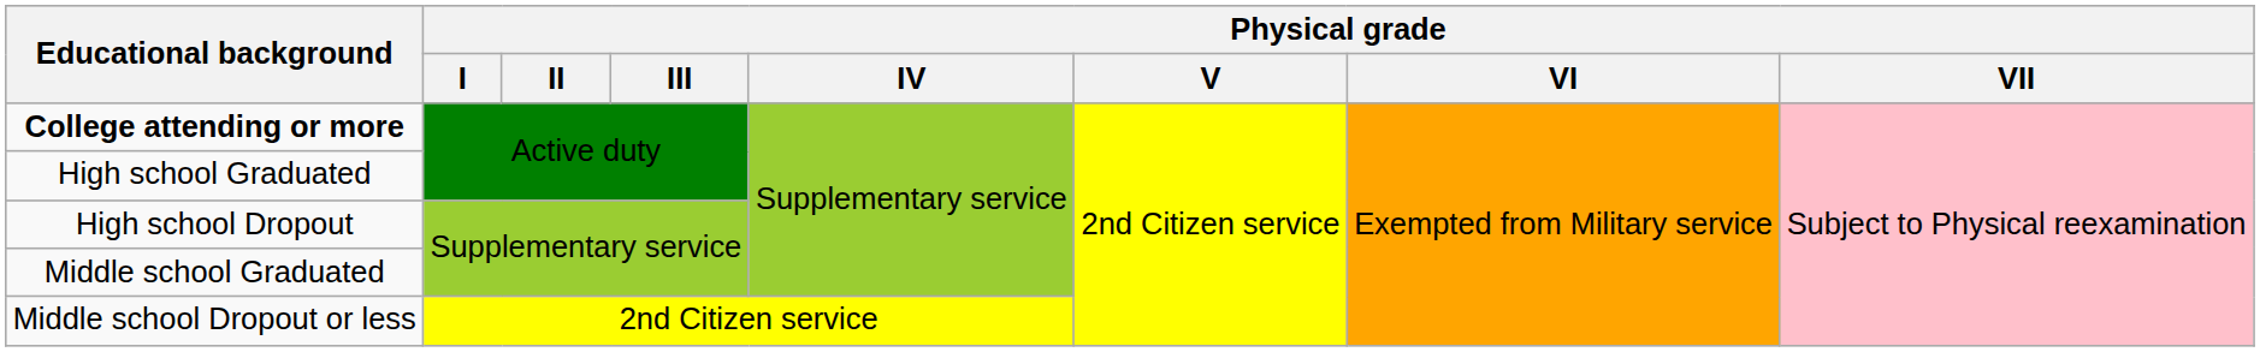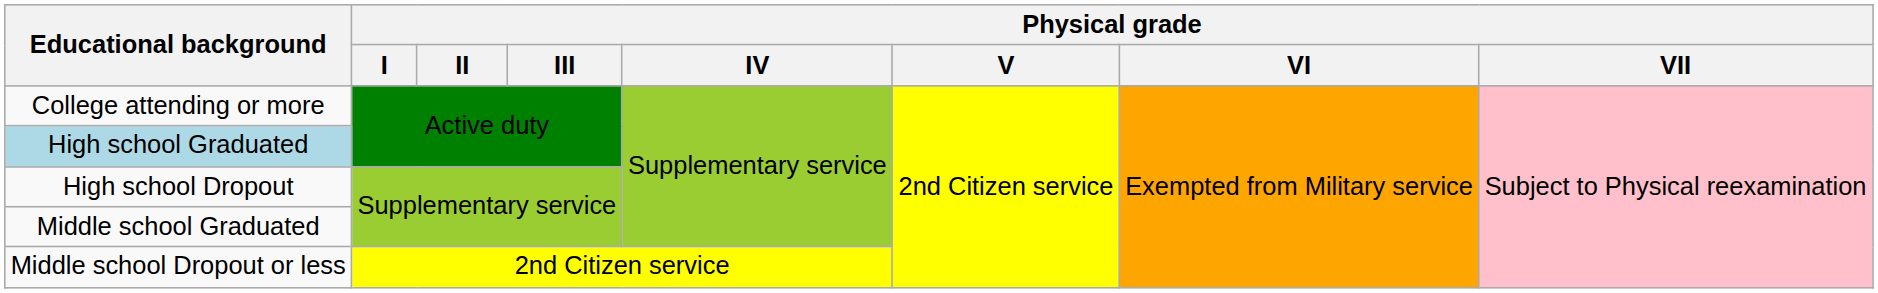 <table class="wikitable">
 <tr>
 <th rowspan="2">Educational background</th>
 <th colspan="7">Physical grade</th>
 </tr>
 <tr>
 <th>I</th>
 <th>II</th>
 <th>III</th>
 <th>IV</th>
 <th>V</th>
 <th>VI</th>
 <th>VII</th>
 </tr>
 <tr>
-<td div style="text-align:center"><strong>College attending or more</strong></td>
+<td div style="text-align:center">College attending or more</td>
 <td colspan="3" rowspan="2" div style="background:green; text-align:center;">Active duty</td>
 <td rowspan="4" div style="background:yellowgreen; text-align:center;">Supplementary service</td>
 <td rowspan="5" div style="background:yellow; text-align:center;">2nd Citizen service</td>
 <td rowspan="5" div style="background:orange; text-align:center;">Exempted from Military service</td>
 <td rowspan="5" div style="background:pink; text-align:center;">Subject to Physical reexamination</td>
 </tr>
 <tr>
-<td div style="text-align:center">High school Graduated</td>
+<td div style="background: lightblue; text-align:center">High school Graduated</td>
 </tr>
 <tr>
 <td div style="text-align:center">High school Dropout</td>
 <td colspan="3" rowspan="2" div style="background:yellowgreen; text-align:center;">Supplementary service</td>
 </tr>
 <tr>
 <td div style="text-align:center">Middle school Graduated</td>
 </tr>
 <tr>
 <td div style="text-align:center">Middle school Dropout or less</td>
 <td colspan="4" div style="background:yellow; text-align:center;">2nd Citizen service</td>
 </tr>
 </table>
